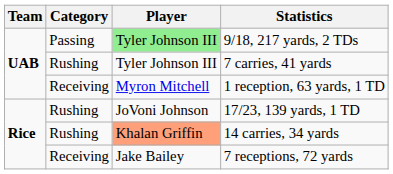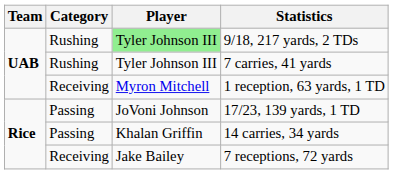 <table class="wikitable" style="float: left;">
 <tr>
 <th>Team</th>
 <th>Category</th>
 <th>Player</th>
 <th>Statistics</th>
 </tr>
 <tr>
 <td rowspan=3><strong>UAB</strong></td>
-<td>Passing</td>
+<td>Rushing</td>
 <td style="background: lightgreen;">Tyler Johnson III</td>
 <td>9/18, 217 yards, 2 TDs</td>
 </tr>
 <tr>
 <td>Rushing</td>
 <td>Tyler Johnson III</td>
 <td>7 carries, 41 yards</td>
 </tr>
 <tr>
 <td>Receiving</td>
 <td><a href='#'>Myron Mitchell</a></td>
 <td>1 reception, 63 yards, 1 TD</td>
 </tr>
 <tr>
 <td rowspan=3><strong>Rice</strong></td>
-<td>Rushing</td>
+<td>Passing</td>
 <td>JoVoni Johnson</td>
 <td>17/23, 139 yards, 1 TD</td>
 </tr>
 <tr>
-<td>Rushing</td>
-<td style="background: lightsalmon;">Khalan Griffin</td>
+<td>Passing</td>
+<td>Khalan Griffin</td>
 <td>14 carries, 34 yards</td>
 </tr>
 <tr>
 <td>Receiving</td>
 <td>Jake Bailey</td>
 <td>7 receptions, 72 yards</td>
 </tr>
 </table>
